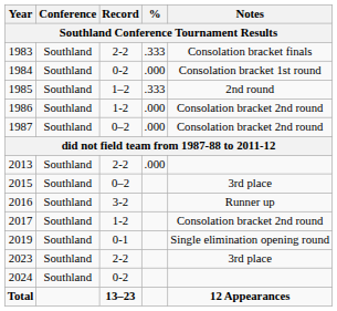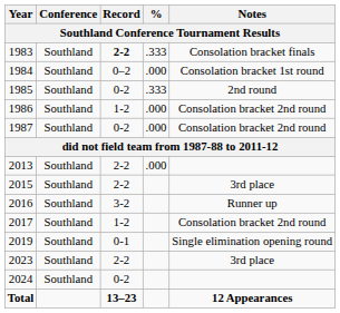 <table class="wikitable">
 <tr>
 <th>Year</th>
 <th>Conference</th>
 <th>Record</th>
 <th>%</th>
 <th>Notes</th>
 </tr>
 <tr>
 <th colspan=5>Southland Conference Tournament Results</th>
 </tr>
 <tr style="text-align:center;">
 <td>1983</td>
 <td>Southland</td>
-<td>2-2</td>
+<td><strong>2-2</strong></td>
 <td>.333</td>
 <td>Consolation bracket finals</td>
 </tr>
 <tr style="text-align:center;">
 <td>1984</td>
 <td>Southland</td>
-<td>0-2</td>
+<td>0–2</td>
 <td>.000</td>
 <td>Consolation bracket 1st round</td>
 </tr>
 <tr style="text-align:center;">
 <td>1985</td>
 <td>Southland</td>
-<td>1–2</td>
+<td>0-2</td>
 <td>.333</td>
 <td>2nd round</td>
 </tr>
 <tr style="text-align:center;">
 <td>1986</td>
 <td>Southland</td>
 <td>1-2</td>
 <td>.000</td>
 <td>Consolation bracket 2nd round</td>
 </tr>
 <tr style="text-align:center;">
 <td>1987</td>
 <td>Southland</td>
-<td>0–2</td>
+<td>0-2</td>
 <td>.000</td>
 <td>Consolation bracket 2nd round</td>
 </tr>
 <tr>
 <th colspan=12>did not field team from 1987-88 to 2011-12</th>
 </tr>
 <tr style="text-align:center;">
 <td>2013</td>
 <td>Southland</td>
 <td>2-2</td>
 <td>.000</td>
 <td></td>
 </tr>
 <tr style="text-align:center;">
 <td>2015</td>
 <td>Southland</td>
-<td>0–2</td>
+<td>2-2</td>
 <td></td>
 <td>3rd place</td>
 </tr>
 <tr style="text-align:center;">
 <td>2016</td>
 <td>Southland</td>
 <td>3-2</td>
 <td></td>
 <td>Runner up</td>
 </tr>
 <tr style="text-align:center;">
 <td>2017</td>
 <td>Southland</td>
 <td>1-2</td>
 <td></td>
 <td>Consolation bracket 2nd round</td>
 </tr>
 <tr style="text-align:center;">
 <td>2019</td>
 <td>Southland</td>
 <td>0-1</td>
 <td></td>
 <td>Single elimination opening round</td>
 </tr>
 <tr style="text-align:center;">
 <td>2023</td>
 <td>Southland</td>
 <td>2-2</td>
 <td></td>
 <td>3rd place</td>
 </tr>
 <tr style="text-align:center;">
 <td>2024</td>
 <td>Southland</td>
 <td>0-2</td>
 <td></td>
 <td></td>
 </tr>
 <tr style="text-align:center;">
 <td><strong>Total</strong></td>
 <td></td>
 <td><strong>13–23</strong></td>
 <td><strong></strong></td>
 <td><strong>12 Appearances</strong></td>
 </tr>
 </table>
